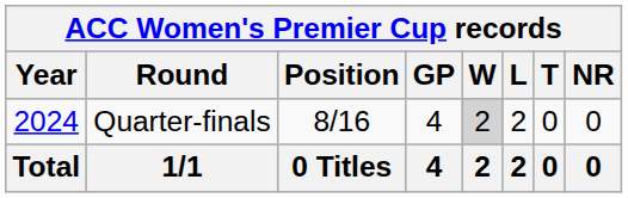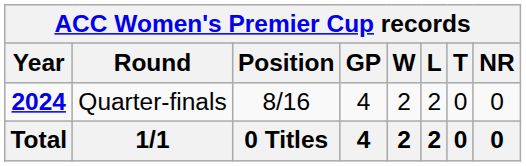 <table class="wikitable" style="text-align: center; width=900px;">
 <tr>
 <th colspan="8"><a href='#'>ACC Women's Premier Cup</a> records</th>
 </tr>
 <tr>
 <th>Year</th>
 <th>Round</th>
 <th>Position</th>
 <th>GP</th>
 <th>W</th>
 <th>L</th>
 <th>T</th>
 <th>NR</th>
 </tr>
 <tr>
-<td> <a href='#'>2024</a></td>
+<td><strong> <a href='#'>2024</a></strong></td>
 <td>Quarter-finals</td>
 <td>8/16</td>
 <td>4</td>
-<td style="background: lightgrey;">2</td>
+<td>2</td>
 <td>2</td>
 <td>0</td>
 <td>0</td>
 </tr>
 <tr>
 <th>Total</th>
 <th>1/1</th>
 <th>0 Titles</th>
 <th>4</th>
 <th>2</th>
 <th>2</th>
 <th>0</th>
 <th>0</th>
 </tr>
 </table>
